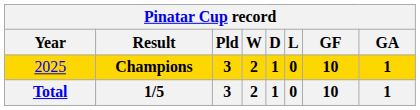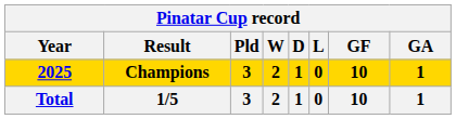 <table class="wikitable" style="text-align:center; ">
 <tr>
 <th colspan="8"> <strong><a href='#'>Pinatar Cup</a> record</strong></th>
 </tr>
 <tr>
 <th width="85">Year</th>
 <th width="110">Result</th>
 <th>Pld</th>
 <th>W</th>
 <th>D</th>
 <th>L</th>
 <th width="50">GF</th>
 <th width="50">GA</th>
 </tr>
 <tr style="background:gold;">
-<td><a href='#'>2025</a></td>
+<td><strong><a href='#'>2025</a></strong></td>
 <td><strong>Champions</strong></td>
 <td><strong>3</strong></td>
 <td><strong>2</strong></td>
 <td><strong>1</strong></td>
 <td><strong>0</strong></td>
 <td><strong>10</strong></td>
 <td><strong>1</strong></td>
 </tr>
 <tr class="sortbottom" style="font-weight:bold;">
 <th><a href='#'>Total</a></th>
 <th>1/5</th>
 <th>3</th>
 <th>2</th>
 <th>1</th>
 <th>0</th>
 <th>10</th>
 <th>1</th>
 </tr>
 </table>
